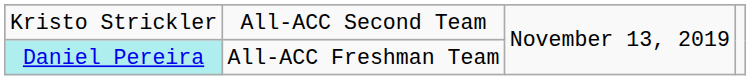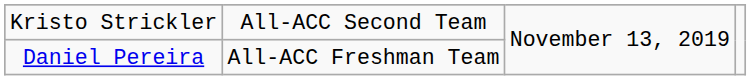 <table class="wikitable sortable" style="text-align: center">
 <tr>
 <td>Kristo Strickler</td>
 <td>All-ACC Second Team</td>
 <td rowspan=2>November 13, 2019</td>
 <td rowspan=2></td>
 </tr>
 <tr>
-<td style="background: paleturquoise;"><a href='#'>Daniel Pereira</a></td>
+<td><a href='#'>Daniel Pereira</a></td>
 <td>All-ACC Freshman Team</td>
 </tr>
 </table>
